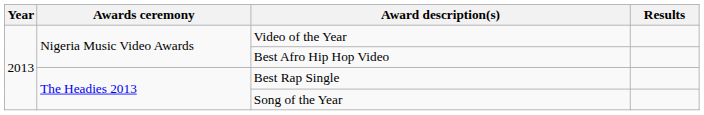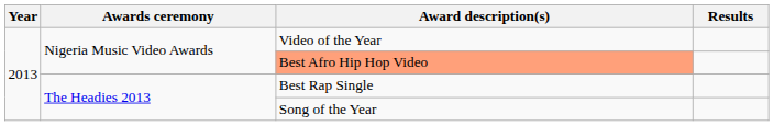 <table class="wikitable">
 <tr>
 <th>Year</th>
 <th width="250">Awards ceremony</th>
 <th width="450">Award description(s)</th>
 <th width="75">Results</th>
 </tr>
 <tr>
 <td rowspan="4">2013</td>
 <td rowspan="2">Nigeria Music Video Awards</td>
 <td>Video of the Year</td>
 <td></td>
 </tr>
 <tr>
-<td>Best Afro Hip Hop Video</td>
+<td style="background: lightsalmon;">Best Afro Hip Hop Video</td>
 <td></td>
 </tr>
 <tr>
 <td rowspan="2"><a href='#'>The Headies 2013</a></td>
 <td>Best Rap Single</td>
 <td></td>
 </tr>
 <tr>
 <td>Song of the Year</td>
 <td></td>
 </tr>
 </table>
